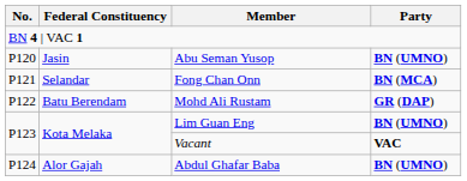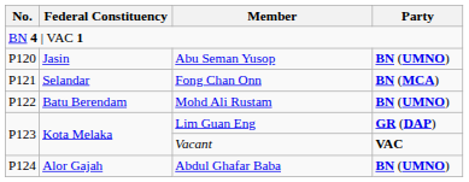 <table class="wikitable sortable">
 <tr>
 <th style="width:30px;">No.</th>
 <th style="width:150px;">Federal Constituency</th>
 <th style="width:230px;">Member</th>
 <th style="width:100px;">Party</th>
 </tr>
 <tr>
 <td colspan="4"><a href='#'>BN</a> <strong>4</strong> | VAC <strong>1</strong></td>
 </tr>
 <tr>
 <td>P120</td>
 <td><a href='#'>Jasin</a></td>
 <td><a href='#'>Abu Seman Yusop</a></td>
 <td><strong><a href='#'>BN</a></strong> (<strong><a href='#'>UMNO</a></strong>)</td>
 </tr>
 <tr>
 <td>P121</td>
 <td><a href='#'>Selandar</a></td>
 <td><a href='#'>Fong Chan Onn</a></td>
 <td><strong><a href='#'>BN</a></strong> (<strong><a href='#'>MCA</a></strong>)</td>
 </tr>
 <tr>
 <td>P122</td>
 <td><a href='#'>Batu Berendam</a></td>
 <td><a href='#'>Mohd Ali Rustam</a></td>
-<td><strong><a href='#'>GR</a></strong> (<strong><a href='#'>DAP</a></strong>)</td>
+<td><strong><a href='#'>BN</a></strong> (<strong><a href='#'>UMNO</a></strong>)</td>
 </tr>
 <tr>
 <td rowspan=2>P123</td>
 <td rowspan=2><a href='#'>Kota Melaka</a></td>
 <td><a href='#'>Lim Guan Eng</a> </td>
-<td><strong><a href='#'>BN</a></strong> (<strong><a href='#'>UMNO</a></strong>)</td>
+<td><strong><a href='#'>GR</a></strong> (<strong><a href='#'>DAP</a></strong>)</td>
 </tr>
 <tr>
 <td><em>Vacant</em> </td>
 <td><strong>VAC</strong></td>
 </tr>
 <tr>
 <td>P124</td>
 <td><a href='#'>Alor Gajah</a></td>
 <td><a href='#'>Abdul Ghafar Baba</a></td>
 <td><strong><a href='#'>BN</a></strong> (<strong><a href='#'>UMNO</a></strong>)</td>
 </tr>
 </table>
